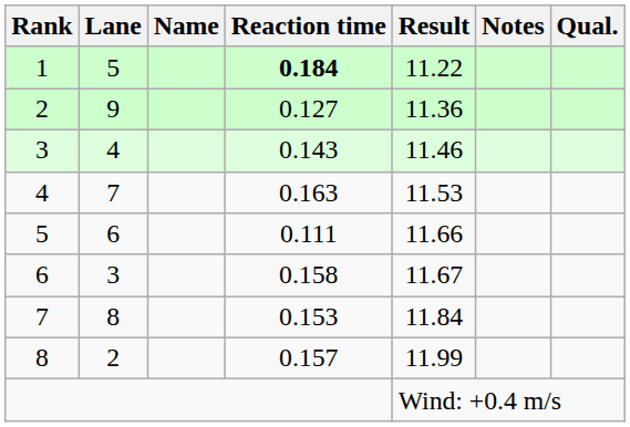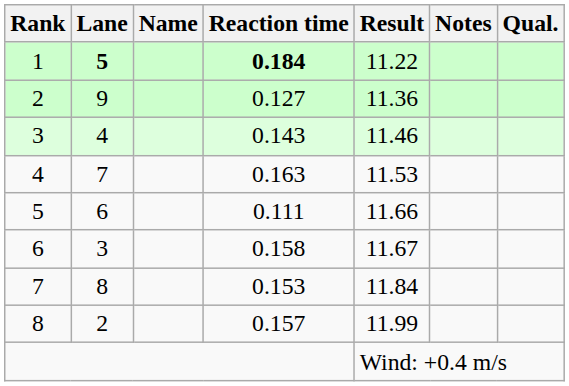 <table class="wikitable sortable" style="text-align:center">
 <tr>
 <th>Rank</th>
 <th>Lane</th>
 <th>Name</th>
 <th>Reaction time</th>
 <th>Result</th>
 <th>Notes</th>
 <th>Qual.</th>
 </tr>
 <tr bgcolor=ccffcc>
 <td>1</td>
-<td>5</td>
+<td><strong>5</strong></td>
 <td align="left"></td>
 <td><strong>0.184</strong></td>
 <td>11.22</td>
 <td></td>
 <td></td>
 </tr>
 <tr bgcolor=ccffcc>
 <td>2</td>
 <td>9</td>
 <td align="left"></td>
 <td>0.127</td>
 <td>11.36</td>
 <td></td>
 <td></td>
 </tr>
 <tr bgcolor=ddffdd>
 <td>3</td>
 <td>4</td>
 <td align="left"></td>
 <td>0.143</td>
 <td>11.46</td>
 <td></td>
 <td></td>
 </tr>
 <tr>
 <td>4</td>
 <td>7</td>
 <td align="left"></td>
 <td>0.163</td>
 <td>11.53</td>
 <td></td>
 <td></td>
 </tr>
 <tr>
 <td>5</td>
 <td>6</td>
 <td align="left"></td>
 <td>0.111</td>
 <td>11.66</td>
 <td></td>
 <td></td>
 </tr>
 <tr>
 <td>6</td>
 <td>3</td>
 <td align="left"></td>
 <td>0.158</td>
 <td>11.67</td>
 <td></td>
 <td></td>
 </tr>
 <tr>
 <td>7</td>
 <td>8</td>
 <td align="left"></td>
 <td>0.153</td>
 <td>11.84</td>
 <td></td>
 <td></td>
 </tr>
 <tr>
 <td>8</td>
 <td>2</td>
 <td align="left"></td>
 <td>0.157</td>
 <td>11.99</td>
 <td></td>
 <td></td>
 </tr>
 <tr class="sortbottom">
 <td colspan=4></td>
 <td colspan="3" style="text-align:left;">Wind: +0.4 m/s</td>
 </tr>
 </table>
